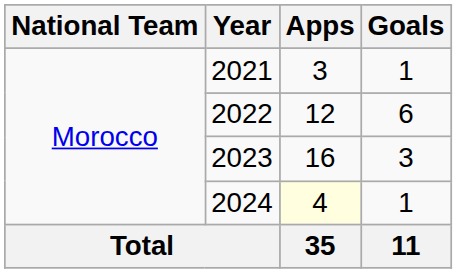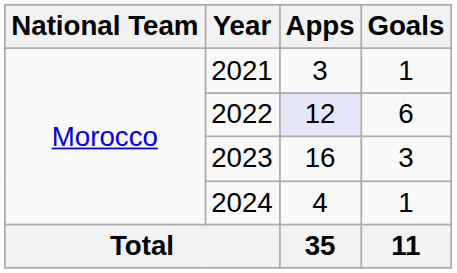 <table class="wikitable" style="text-align:center">
 <tr>
 <th>National Team</th>
 <th>Year</th>
 <th>Apps</th>
 <th>Goals</th>
 </tr>
 <tr>
 <td rowspan="4"><a href='#'>Morocco</a></td>
 <td>2021</td>
 <td>3</td>
 <td>1</td>
 </tr>
 <tr>
 <td>2022</td>
-<td>12</td>
+<td style="background: lavender;">12</td>
 <td>6</td>
 </tr>
 <tr>
 <td>2023</td>
 <td>16</td>
 <td>3</td>
 </tr>
 <tr>
 <td>2024</td>
-<td style="background: lightyellow;">4</td>
+<td>4</td>
 <td>1</td>
 </tr>
 <tr>
 <th colspan="2">Total</th>
 <th>35</th>
 <th>11</th>
 </tr>
 </table>
